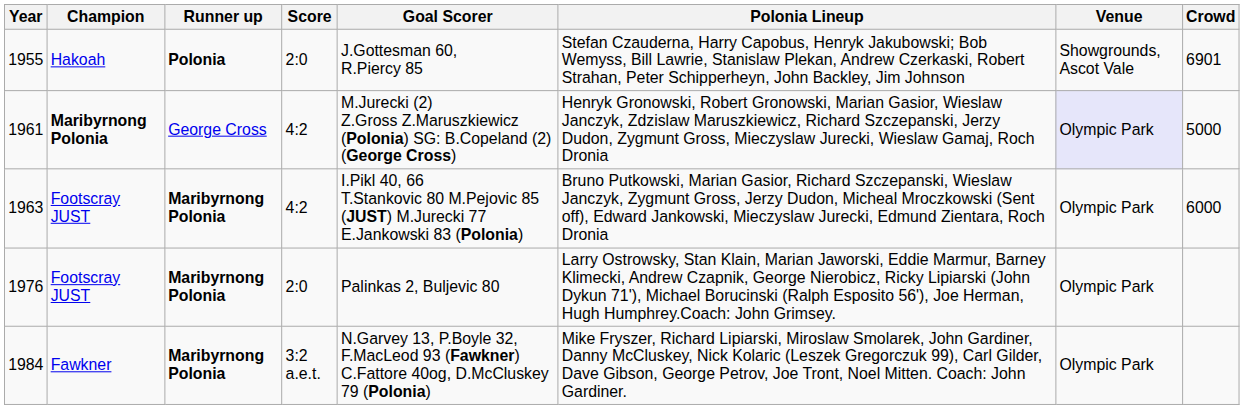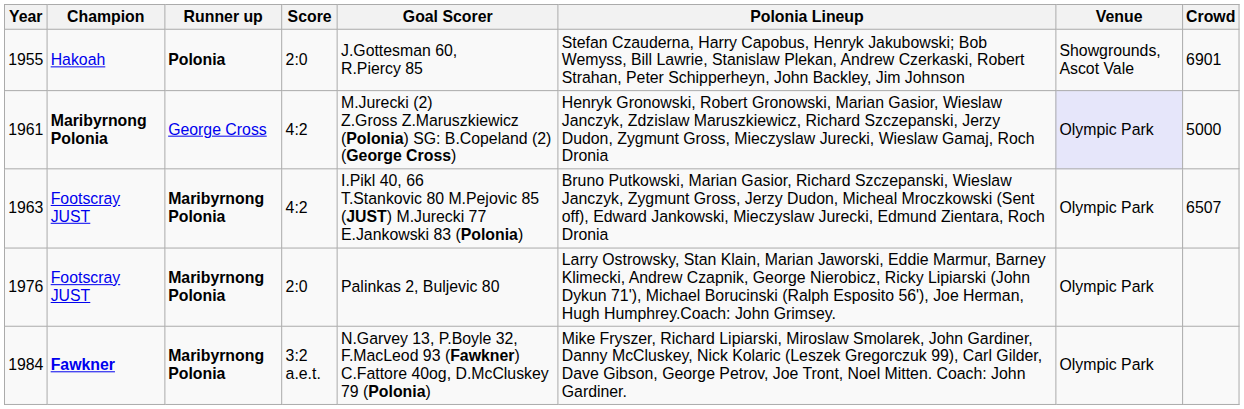 <table class="wikitable">
 <tr>
 <th width=>Year</th>
 <th width=>Champion</th>
 <th width=>Runner up</th>
 <th width=>Score</th>
 <th width=>Goal Scorer</th>
 <th width=>Polonia Lineup</th>
 <th width=>Venue</th>
 <th width=>Crowd</th>
 </tr>
 <tr>
 <td>1955</td>
 <td><a href='#'>Hakoah</a></td>
 <td><strong>Polonia</strong></td>
 <td>2:0</td>
 <td>J.Gottesman 60,<br>R.Piercy 85</td>
 <td>Stefan Czauderna, Harry Capobus, Henryk Jakubowski; Bob Wemyss, Bill Lawrie, Stanislaw Plekan, Andrew Czerkaski, Robert Strahan, Peter Schipperheyn, John Backley, Jim Johnson</td>
 <td>Showgrounds, Ascot Vale</td>
 <td>6901</td>
 </tr>
 <tr>
 <td>1961</td>
 <td><strong>Maribyrnong Polonia</strong></td>
 <td><a href='#'>George Cross</a></td>
 <td>4:2</td>
 <td>M.Jurecki (2)<br>Z.Gross Z.Maruszkiewicz (<strong>Polonia</strong>) SG: B.Copeland (2) (<strong>George Cross</strong>)</td>
 <td>Henryk Gronowski, Robert Gronowski, Marian Gasior, Wieslaw Janczyk, Zdzislaw Maruszkiewicz, Richard Szczepanski, Jerzy Dudon, Zygmunt Gross, Mieczyslaw Jurecki, Wieslaw Gamaj, Roch Dronia</td>
 <td style="background: lavender;">Olympic Park</td>
 <td>5000</td>
 </tr>
 <tr>
 <td>1963</td>
 <td><a href='#'>Footscray JUST</a></td>
 <td><strong>Maribyrnong Polonia</strong></td>
 <td>4:2</td>
 <td>I.Pikl 40, 66<br>T.Stankovic 80 M.Pejovic 85 (<strong>JUST</strong>) M.Jurecki 77 E.Jankowski 83 (<strong>Polonia</strong>)</td>
 <td>Bruno Putkowski, Marian Gasior, Richard Szczepanski, Wieslaw Janczyk, Zygmunt Gross, Jerzy Dudon, Micheal Mroczkowski (Sent off), Edward Jankowski, Mieczyslaw Jurecki, Edmund Zientara, Roch Dronia</td>
 <td>Olympic Park</td>
-<td>6000</td>
+<td>6507</td>
 </tr>
 <tr>
 <td>1976</td>
 <td><a href='#'>Footscray JUST</a></td>
 <td><strong>Maribyrnong Polonia</strong></td>
 <td>2:0</td>
 <td>Palinkas 2, Buljevic 80</td>
 <td>Larry Ostrowsky, Stan Klain, Marian Jaworski, Eddie Marmur, Barney Klimecki, Andrew Czapnik, George Nierobicz, Ricky Lipiarski (John Dykun 71'), Michael Borucinski (Ralph Esposito 56'), Joe Herman, Hugh Humphrey.Coach: John Grimsey.</td>
 <td>Olympic Park</td>
 <td></td>
 </tr>
 <tr>
 <td>1984</td>
-<td><a href='#'>Fawkner</a></td>
+<td><strong><a href='#'>Fawkner</a></strong></td>
 <td><strong>Maribyrnong Polonia</strong></td>
 <td>3:2 a.e.t.</td>
 <td>N.Garvey 13, P.Boyle 32, F.MacLeod 93 (<strong>Fawkner</strong>)<br>C.Fattore 40og, D.McCluskey 79 (<strong>Polonia</strong>)</td>
 <td>Mike Fryszer, Richard Lipiarski, Miroslaw Smolarek, John Gardiner, Danny McCluskey, Nick Kolaric (Leszek Gregorczuk 99), Carl Gilder, Dave Gibson, George Petrov, Joe Tront, Noel Mitten. Coach: John Gardiner.</td>
 <td>Olympic Park</td>
 <td></td>
 </tr>
 </table>
